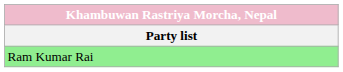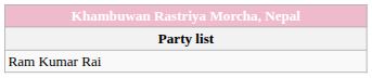 <table class="wikitable mw-collapsible mw-collapsed" role="presentation">
 <tr>
 <th style="width: 300pt; background:#efbbcc; color: white;">Khambuwan Rastriya Morcha, Nepal</th>
 </tr>
 <tr>
 <th>Party list</th>
 </tr>
 <tr>
-<td style="background: lightgreen;">Ram Kumar Rai</td>
+<td>Ram Kumar Rai</td>
 </tr>
 </table>
